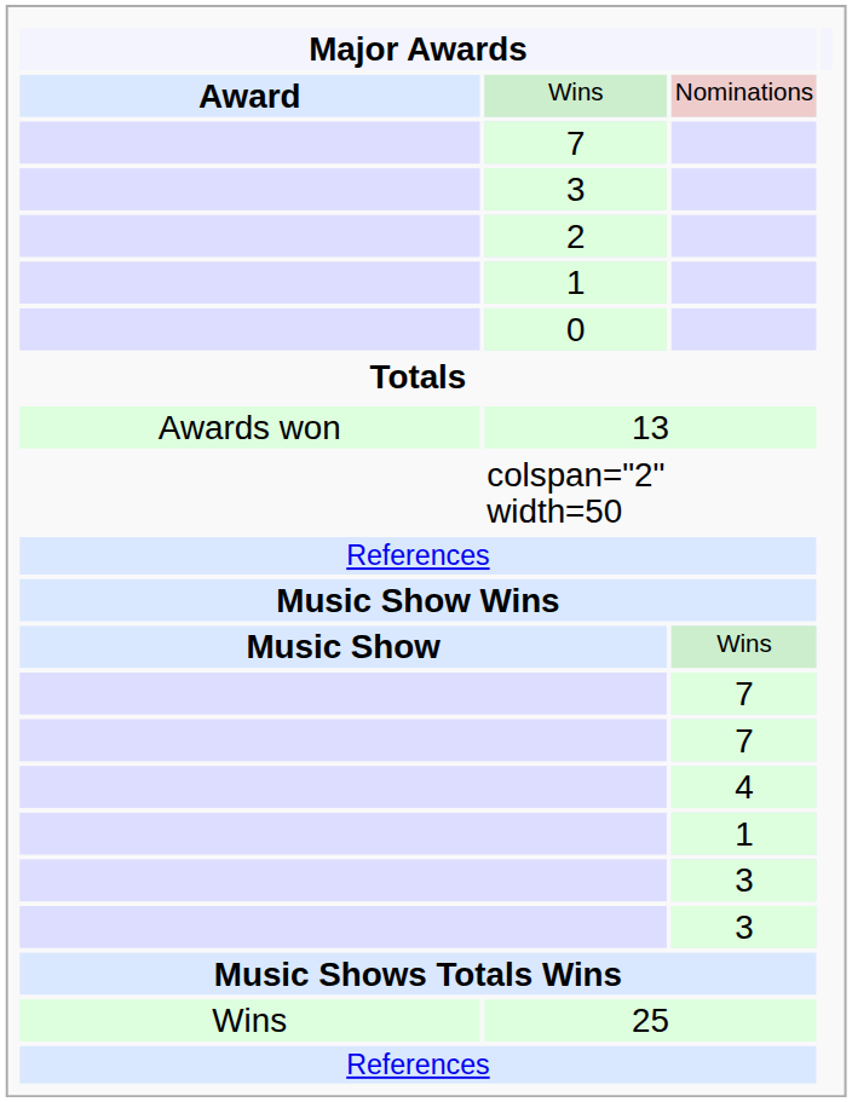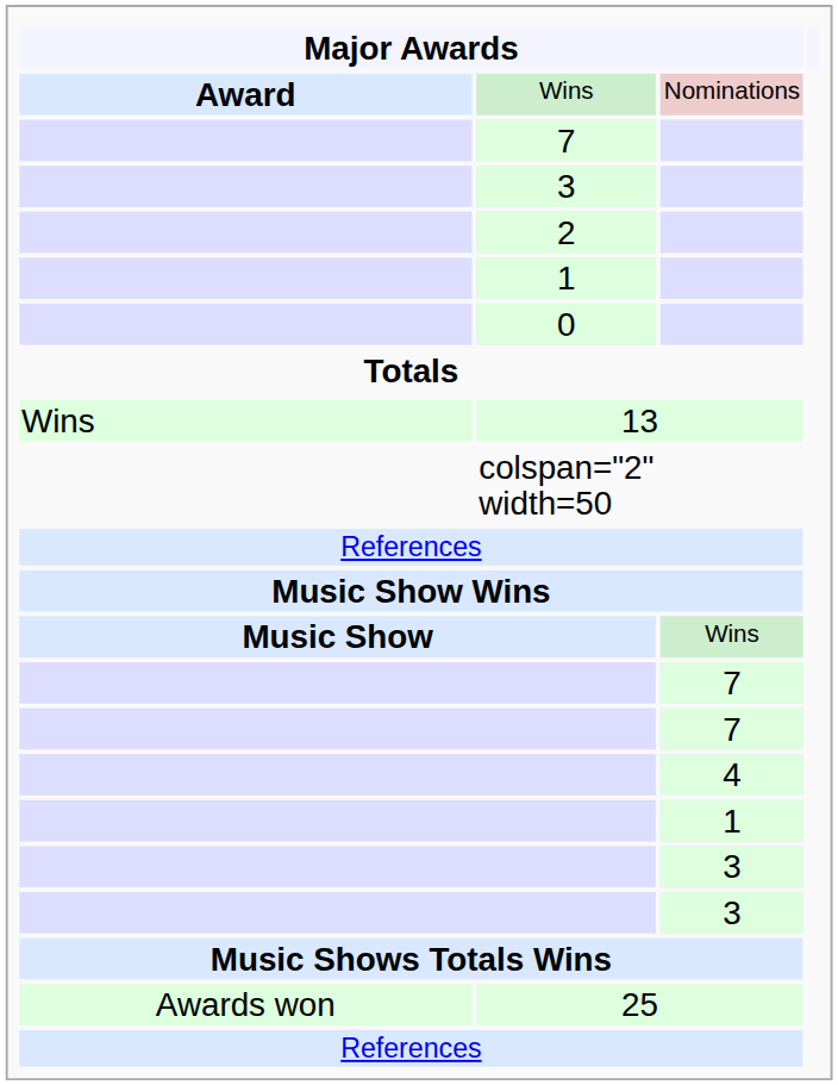 <table class="infobox" style="width: 25em; text-align: left; font-size: 90%; vertical-align: middle;">
 <tr>
 <td colspan="3" style="text-align:center;"></td>
 </tr>
 <tr bgcolor=#F4F4FF>
 <td colspan="3" style="text-align:center;"><strong>Major Awards</strong></td>
 <td colspan="3" style="text-align:center;"></td>
 </tr>
 <tr bgcolor=#D9E8FF style="text-align:center;">
 <th style="vertical-align: middle;">Award</th>
 <td style="background:#cceecc; font-size:8pt;" width="60px">Wins</td>
 <td style="background:#eecccc; font-size:8pt;" width="60px">Nominations</td>
 </tr>
 <tr bgcolor=#ddddff>
 <td align="center"><br></td>
 <td style="text-align:center;background: #ddffdd;vertical-align: middle;">7</td>
 <td></td>
 </tr>
 <tr bgcolor=#ddddff>
 <td align="center"><br></td>
 <td style="text-align:center;background: #ddffdd;vertical-align: middle;">3</td>
 <td></td>
 </tr>
 <tr bgcolor=#ddddff>
 <td align="center"><br></td>
 <td style="text-align:center;background: #ddffdd;vertical-align: middle;">2</td>
 <td></td>
 </tr>
 <tr bgcolor=#ddddff>
 <td align="center"><br></td>
 <td style="text-align:center;background: #ddffdd;vertical-align: middle;">1</td>
 <td></td>
 </tr>
 <tr bgcolor=#ddddff>
 <td align="center"><br></td>
 <td style="text-align:center;background: #ddffdd;vertical-align: middle;">0</td>
 <td></td>
 </tr>
 <tr>
 <td colspan="3" style="text-align:center;"><strong>Totals</strong></td>
 </tr>
 <tr>
 </tr>
 <tr bgcolor=#ddffdd>
-<td style="text-align:center;">Awards won</td>
+<td>Wins</td>
 <td colspan="2" style="text-align:center;text-size:0.9em;vertical-align: middle;" width="60px">13</td>
 </tr>
 <tr>
 <td></td>
 <td>colspan="2" width=50 </td>
 </tr>
 <tr bgcolor=#D9E8FF>
 <td colspan="3" style="font-size: smaller; text-align:center;"><a href='#'>References</a></td>
 </tr>
 <tr style="background:#d9e8ff;">
 <td colspan="3" style="text-align:center;"><strong>Music Show Wins</strong></td>
 </tr>
 <tr style="background:#d9e8ff; text-align:center;">
 <th style="vertical-align: middle;" colspan="2">Music Show</th>
 <td style="background:#cec; font-size:8pt; width:60px;">Wins</td>
 </tr>
 <tr style="background:#ddf;">
 <th style="text-align:center;" colspan="2"><br></th>
 <td style="text-align:center; background:#dfd; width:60px;">7</td>
 </tr>
 <tr style="background:#ddf;">
 <th style="text-align:center;" colspan="2"><br></th>
 <td style="text-align:center; background:#dfd; vertical-align:middle;">7</td>
 </tr>
 <tr style="background:#ddf;">
 <th style="text-align:center;" colspan="2"><br></th>
 <td style="text-align:center; background:#dfd; vertical-align:middle;">4</td>
 </tr>
 <tr style="background:#ddf;">
 <th style="text-align:center;" colspan="2"><br></th>
 <td style="text-align:center; background:#dfd; vertical-align:middle;">1</td>
 </tr>
 <tr style="background:#ddf;">
 <th style="text-align:center;" colspan="2"><br></th>
 <td style="text-align:center; background:#dfd; vertical-align:middle;">3</td>
 </tr>
 <tr style="background:#ddf;">
 <th style="text-align:center;" colspan="2"><br></th>
 <td style="text-align:center; background:#dfd; vertical-align:middle;">3</td>
 </tr>
 <tr style="background:#d9e8ff;">
 <td colspan="3" style="text-align:center;"><strong>Music Shows Totals Wins</strong></td>
 </tr>
 <tr style="background:#dfd; text-align:center;">
-<td>Wins</td>
+<td style="text-align:center;">Awards won</td>
 <td colspan="2"  style="text-size:0.9em; vertical-align:middle; width:60px;">25</td>
 </tr>
 <tr style="background:#d9e8ff;">
 <td colspan="3" style="font-size: smaller; text-align:center;"><a href='#'>References</a></td>
 </tr>
 </table>
